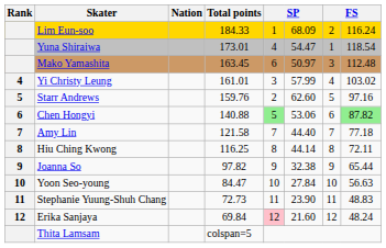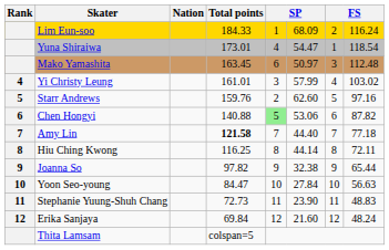 <table class="wikitable sortable" style="text-align:left">
 <tr>
 <th scope="col">Rank</th>
 <th scope="col">Skater</th>
 <th scope="col">Nation</th>
 <th scope="col">Total points</th>
 <th scope="col" colspan="2" width="80px"><a href='#'>SP</a></th>
 <th scope="col" colspan="2" width="80px"><a href='#'>FS</a></th>
 </tr>
 <tr bgcolor="gold">
 <th scope="row"></th>
 <td><a href='#'>Lim Eun-soo</a></td>
 <td></td>
 <td align="center">184.33</td>
 <td align="center">1</td>
 <td align="center">68.09</td>
 <td align="center">2</td>
 <td align="center">116.24</td>
 </tr>
 <tr bgcolor="silver">
 <th scope="row"></th>
 <td><a href='#'>Yuna Shiraiwa</a></td>
 <td></td>
 <td align="center">173.01</td>
 <td align="center">4</td>
 <td align="center">54.47</td>
 <td align="center">1</td>
 <td align="center">118.54</td>
 </tr>
 <tr bgcolor="cc9966">
 <th scope="row"></th>
 <td><a href='#'>Mako Yamashita</a></td>
 <td></td>
 <td align="center">163.45</td>
 <td align="center">6</td>
 <td align="center">50.97</td>
 <td align="center">3</td>
 <td align="center">112.48</td>
 </tr>
 <tr>
 <th scope="row">4</th>
 <td><a href='#'>Yi Christy Leung</a></td>
 <td></td>
 <td align="center">161.01</td>
 <td align="center">3</td>
 <td align="center">57.99</td>
 <td align="center">4</td>
 <td align="center">103.02</td>
 </tr>
 <tr>
 <th scope="row">5</th>
 <td><a href='#'>Starr Andrews</a></td>
 <td></td>
 <td align="center">159.76</td>
 <td align="center">2</td>
 <td align="center">62.60</td>
 <td align="center">5</td>
 <td align="center">97.16</td>
 </tr>
 <tr>
 <th scope="row">6</th>
 <td><a href='#'>Chen Hongyi</a></td>
 <td></td>
 <td align="center">140.88</td>
 <td align="center" style="background: lightgreen;">5</td>
 <td align="center">53.06</td>
 <td align="center">6</td>
-<td align="center" style="background: lightgreen;">87.82</td>
+<td align="center">87.82</td>
 </tr>
 <tr>
 <th scope="row">7</th>
 <td><a href='#'>Amy Lin</a></td>
 <td></td>
-<td align="center">121.58</td>
+<td align="center"><strong>121.58</strong></td>
 <td align="center">7</td>
 <td align="center">44.40</td>
 <td align="center">7</td>
 <td align="center">77.18</td>
 </tr>
 <tr>
 <th scope="row">8</th>
 <td>Hiu Ching Kwong</td>
 <td></td>
 <td align="center">116.25</td>
 <td align="center">8</td>
 <td align="center">44.14</td>
 <td align="center">8</td>
 <td align="center">72.11</td>
 </tr>
 <tr>
 <th scope="row">9</th>
 <td><a href='#'>Joanna So</a></td>
 <td></td>
 <td align="center">97.82</td>
 <td align="center">9</td>
 <td align="center">32.38</td>
 <td align="center">9</td>
 <td align="center">65.44</td>
 </tr>
 <tr>
 <th scope="row">10</th>
 <td>Yoon Seo-young</td>
 <td></td>
 <td align="center">84.47</td>
 <td align="center">10</td>
 <td align="center">27.84</td>
 <td align="center">10</td>
 <td align="center">56.63</td>
 </tr>
 <tr>
 <th scope="row">11</th>
 <td>Stephanie Yuung-Shuh Chang</td>
 <td></td>
 <td align="center">72.73</td>
 <td align="center">11</td>
 <td align="center">23.90</td>
 <td align="center">11</td>
 <td align="center">48.83</td>
 </tr>
 <tr>
 <th scope="row">12</th>
 <td>Erika Sanjaya</td>
 <td></td>
 <td align="center">69.84</td>
-<td align="center" style="background: pink;">12</td>
+<td align="center">12</td>
 <td align="center">21.60</td>
 <td align="center">12</td>
 <td align="center">48.24</td>
 </tr>
 <tr>
 <th></th>
 <td><a href='#'>Thita Lamsam</a></td>
 <td></td>
 <td>colspan=5 </td>
 </tr>
 </table>
